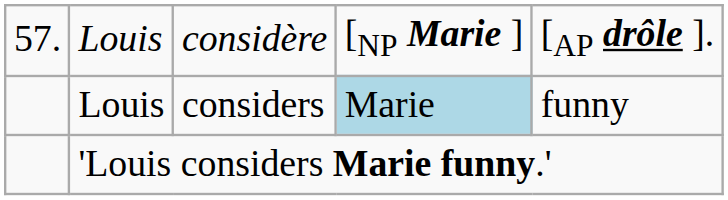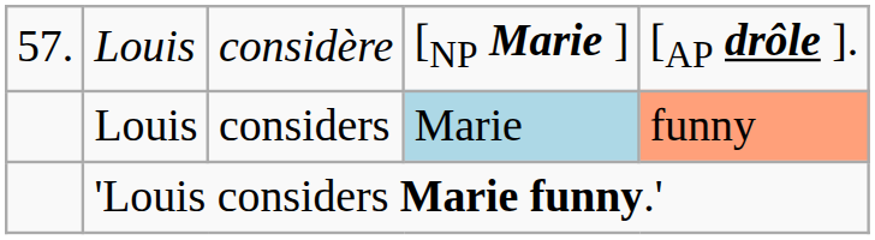 <table class="wikitable">
 <tr>
 <td>57.</td>
 <td><em>Louis</em></td>
 <td><em>considère</em></td>
 <td>[<sub>NP</sub> <strong><em>Marie</em></strong> ]</td>
 <td>[<sub>AP</sub> <strong><u><em>drôle</em></u></strong> ].</td>
 </tr>
 <tr>
 <td></td>
 <td>Louis</td>
 <td>considers</td>
 <td style="background: lightblue;">Marie</td>
-<td>funny</td>
+<td style="background: lightsalmon;">funny</td>
 </tr>
 <tr>
 <td></td>
 <td colspan="4">'Louis considers <strong>Marie funny</strong>.'</td>
 </tr>
 </table>
